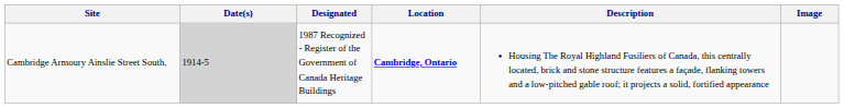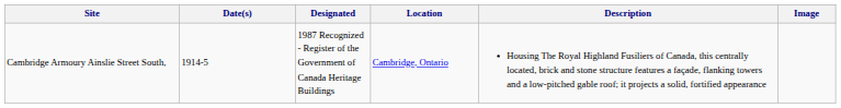 <table class="wikitable sortable" style="font-size:90%;width:100%;border:0px;text-align:left;line-height:150%;">
 <tr>
 <th style="background: #f2f2f2; color: #000080" width="21%">Site</th>
 <th style="background: #f2f2f2; color: #000080" width="14%">Date(s)</th>
 <th style="background: #f2f2f2; color: #000080" width="9%">Designated</th>
 <th style="background: #f2f2f2; color: #000080" width="13%">Location</th>
 <th style="background: #f2f2f2; color: #000080" width="36%" class="unsortable">Description</th>
 <th style="background: #f2f2f2; color: #000080" width="7%" class="unsortable">Image</th>
 </tr>
 <tr>
 <td>Cambridge Armoury Ainslie Street South,</td>
-<td style="background: lightgrey;">1914-5</td>
+<td>1914-5</td>
 <td>1987 Recognized - Register of the Government of Canada Heritage Buildings</td>
-<td><strong><a href='#'>Cambridge, Ontario</a></strong></td>
+<td><a href='#'>Cambridge, Ontario</a></td>
 <td><br><ul><li>Housing The Royal Highland Fusiliers of Canada, this centrally located, brick and stone structure features a façade, flanking towers and a low-pitched gable roof; it projects a solid, fortified appearance</li></ul></td>
 <td></td>
 </tr>
 <tr>
 </tr>
 </table>
